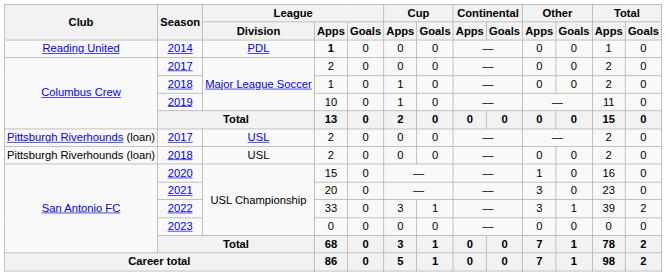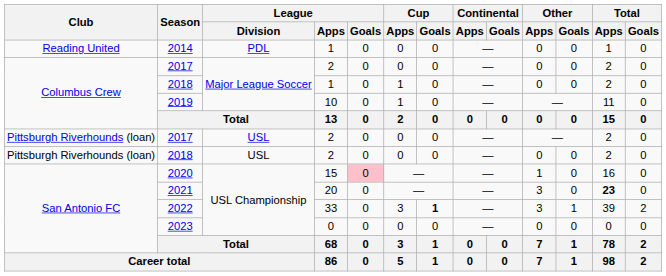 <table class="wikitable" style="text-align: center;">
 <tr>
 <th rowspan=2>Club</th>
 <th rowspan=2>Season</th>
 <th colspan=3>League</th>
 <th colspan=2>Cup</th>
 <th colspan=2>Continental</th>
 <th colspan=2>Other</th>
 <th colspan=2>Total</th>
 </tr>
 <tr>
 <th>Division</th>
 <th>Apps</th>
 <th>Goals</th>
 <th>Apps</th>
 <th>Goals</th>
 <th>Apps</th>
 <th>Goals</th>
 <th>Apps</th>
 <th>Goals</th>
 <th>Apps</th>
 <th>Goals</th>
 </tr>
 <tr>
 <td><a href='#'>Reading United</a></td>
 <td><a href='#'>2014</a></td>
 <td><a href='#'>PDL</a></td>
-<td><strong>1</strong></td>
+<td>1</td>
 <td>0</td>
 <td>0</td>
 <td>0</td>
 <td colspan=2>—</td>
 <td>0</td>
 <td>0</td>
 <td>1</td>
 <td>0</td>
 </tr>
 <tr>
 <td rowspan=4><a href='#'>Columbus Crew</a></td>
 <td><a href='#'>2017</a></td>
 <td rowspan=3><a href='#'>Major League Soccer</a></td>
 <td>2</td>
 <td>0</td>
 <td>0</td>
 <td>0</td>
 <td colspan=2>—</td>
 <td>0</td>
 <td>0</td>
 <td>2</td>
 <td>0</td>
 </tr>
 <tr>
 <td><a href='#'>2018</a></td>
 <td>1</td>
 <td>0</td>
 <td>1</td>
 <td>0</td>
 <td colspan=2>—</td>
 <td>0</td>
 <td>0</td>
 <td>2</td>
 <td>0</td>
 </tr>
 <tr>
 <td><a href='#'>2019</a></td>
 <td>10</td>
 <td>0</td>
 <td>1</td>
 <td>0</td>
 <td colspan=2>—</td>
 <td colspan=2>—</td>
 <td>11</td>
 <td>0</td>
 </tr>
 <tr>
 <th colspan=2>Total</th>
 <th>13</th>
 <th>0</th>
 <th>2</th>
 <th>0</th>
 <th>0</th>
 <th>0</th>
 <th>0</th>
 <th>0</th>
 <th>15</th>
 <th>0</th>
 </tr>
 <tr>
 <td><a href='#'>Pittsburgh Riverhounds</a> (loan)</td>
 <td><a href='#'>2017</a></td>
 <td><a href='#'>USL</a></td>
 <td>2</td>
 <td>0</td>
 <td>0</td>
 <td>0</td>
 <td colspan=2>—</td>
 <td colspan=2>—</td>
 <td>2</td>
 <td>0</td>
 </tr>
 <tr>
 <td>Pittsburgh Riverhounds (loan)</td>
 <td><a href='#'>2018</a></td>
 <td>USL</td>
 <td>2</td>
 <td>0</td>
 <td>0</td>
 <td>0</td>
 <td colspan=2>—</td>
 <td>0</td>
 <td>0</td>
 <td>2</td>
 <td>0</td>
 </tr>
 <tr>
 <td rowspan=5><a href='#'>San Antonio FC</a></td>
 <td><a href='#'>2020</a></td>
 <td rowspan=4>USL Championship</td>
 <td>15</td>
-<td>0</td>
+<td style="background: pink;">0</td>
 <td colspan=2>—</td>
 <td colspan=2>—</td>
 <td>1</td>
 <td>0</td>
 <td>16</td>
 <td>0</td>
 </tr>
 <tr>
 <td><a href='#'>2021</a></td>
 <td>20</td>
 <td>0</td>
 <td colspan=2>—</td>
 <td colspan=2>—</td>
 <td>3</td>
 <td>0</td>
-<td>23</td>
+<td><strong>23</strong></td>
 <td>0</td>
 </tr>
 <tr>
 <td><a href='#'>2022</a></td>
 <td>33</td>
 <td>0</td>
 <td>3</td>
-<td>1</td>
+<td><strong>1</strong></td>
 <td colspan=2>—</td>
 <td>3</td>
 <td>1</td>
 <td>39</td>
 <td>2</td>
 </tr>
 <tr>
 <td><a href='#'>2023</a></td>
 <td>0</td>
 <td>0</td>
 <td>0</td>
 <td>0</td>
 <td colspan=2>—</td>
 <td>0</td>
 <td>0</td>
 <td>0</td>
 <td>0</td>
 </tr>
 <tr>
 <th colspan=2>Total</th>
 <th>68</th>
 <th>0</th>
 <th>3</th>
 <th>1</th>
 <th>0</th>
 <th>0</th>
 <th>7</th>
 <th>1</th>
 <th>78</th>
 <th>2</th>
 </tr>
 <tr>
 <th colspan=3>Career total</th>
 <th>86</th>
 <th>0</th>
 <th>5</th>
 <th>1</th>
 <th>0</th>
 <th>0</th>
 <th>7</th>
 <th>1</th>
 <th>98</th>
 <th>2</th>
 </tr>
 </table>
